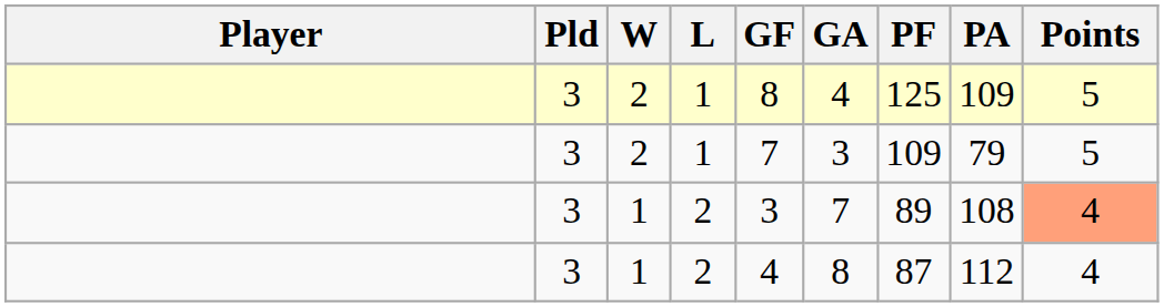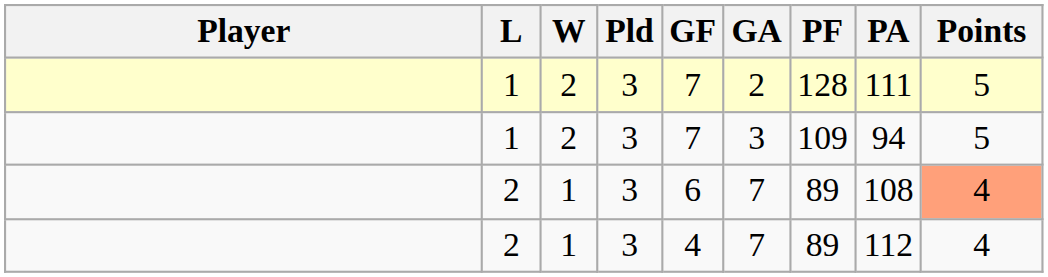 <table class=wikitable style="text-align:center;">
 <tr>
 <th width=220>Player</th>
+<th width=20>L</th>
+<th width=20>W</th>
 <th width=20>Pld</th>
-<th width=20>W</th>
-<th width=20>L</th>
 <th width=20>GF</th>
 <th width=20>GA</th>
 <th width=20>PF</th>
 <th width=20>PA</th>
 <th width=50>Points</th>
 </tr>
 <tr bgcolor=#ffffcc>
 <td style="text-align:left;"></td>
+<td>1</td>
+<td>2</td>
 <td>3</td>
+<td>7</td>
 <td>2</td>
-<td>1</td>
-<td>8</td>
-<td>4</td>
-<td>125</td>
-<td>109</td>
+<td>128</td>
+<td>111</td>
 <td>5</td>
 </tr>
 <tr>
 <td style="text-align:left;"></td>
+<td>1</td>
+<td>2</td>
 <td>3</td>
-<td>2</td>
-<td>1</td>
 <td>7</td>
 <td>3</td>
 <td>109</td>
-<td>79</td>
+<td>94</td>
 <td>5</td>
 </tr>
 <tr>
 <td style="text-align:left;"></td>
+<td>2</td>
+<td>1</td>
 <td>3</td>
-<td>1</td>
-<td>2</td>
-<td>3</td>
+<td>6</td>
 <td>7</td>
 <td>89</td>
 <td>108</td>
 <td style="background: lightsalmon;">4</td>
 </tr>
 <tr>
 <td style="text-align:left;"></td>
+<td>2</td>
+<td>1</td>
 <td>3</td>
-<td>1</td>
-<td>2</td>
 <td>4</td>
-<td>8</td>
-<td>87</td>
+<td>7</td>
+<td>89</td>
 <td>112</td>
 <td>4</td>
 </tr>
 </table>
